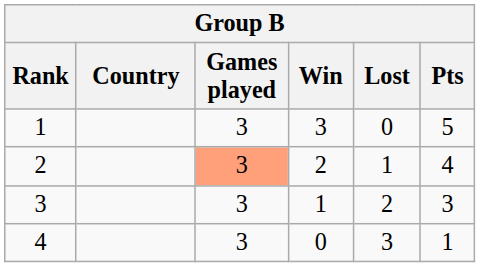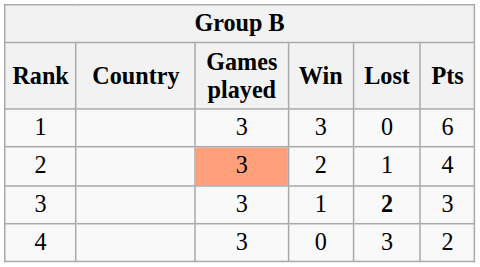 <table class="wikitable" style= "text-align: center; Width:50%">
 <tr>
 <th colspan= 6>Group B</th>
 </tr>
 <tr>
 <th width=2%>Rank</th>
 <th width=10%>Country</th>
 <th width=5%>Games <br> played</th>
 <th width=5%>Win</th>
 <th width=5%>Lost</th>
 <th width=5%>Pts</th>
 </tr>
 <tr>
 <td>1</td>
 <td style= "text-align: left"></td>
 <td>3</td>
 <td>3</td>
 <td>0</td>
-<td>5</td>
+<td>6</td>
 </tr>
 <tr>
 <td>2</td>
 <td style= "text-align: left"></td>
 <td style="background: lightsalmon;">3</td>
 <td>2</td>
 <td>1</td>
 <td>4</td>
 </tr>
 <tr>
 <td>3</td>
 <td style= "text-align: left"></td>
 <td>3</td>
 <td>1</td>
-<td>2</td>
+<td><strong>2</strong></td>
 <td>3</td>
 </tr>
 <tr>
 <td>4</td>
 <td style= "text-align: left"></td>
 <td>3</td>
 <td>0</td>
 <td>3</td>
-<td>1</td>
+<td>2</td>
 </tr>
 </table>
